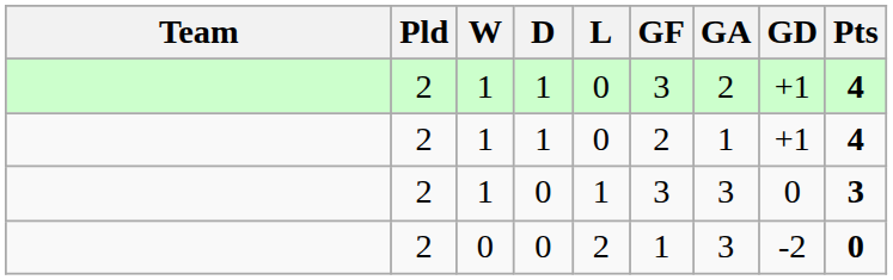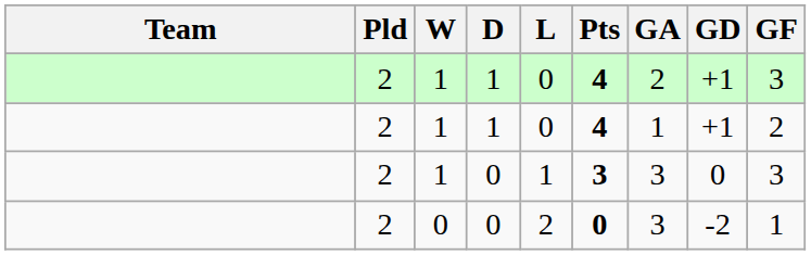 <table class="wikitable" style="text-align: center;">
 <tr>
 <th width=175>Team</th>
 <th width=20 abbr="Played">Pld</th>
 <th width=20 abbr="Won">W</th>
 <th width=20 abbr="Drawn">D</th>
 <th width=20 abbr="Lost">L</th>
-<th width=20 abbr="Goals for">GF</th>
+<th width=20 abbr="Points">Pts</th>
 <th width=20 abbr="Goals against">GA</th>
 <th width=20 abbr="Goal difference">GD</th>
-<th width=20 abbr="Points">Pts</th>
+<th width=20 abbr="Goals for">GF</th>
 </tr>
 <tr bgcolor="#ccffcc">
 <td align=left></td>
 <td>2</td>
 <td>1</td>
 <td>1</td>
 <td>0</td>
-<td>3</td>
+<td><strong>4</strong></td>
 <td>2</td>
 <td>+1</td>
-<td><strong>4</strong></td>
+<td>3</td>
 </tr>
 <tr>
 <td align=left></td>
 <td>2</td>
 <td>1</td>
 <td>1</td>
 <td>0</td>
-<td>2</td>
+<td><strong>4</strong></td>
 <td>1</td>
 <td>+1</td>
-<td><strong>4</strong></td>
+<td>2</td>
 </tr>
 <tr>
 <td align=left></td>
 <td>2</td>
 <td>1</td>
 <td>0</td>
 <td>1</td>
-<td>3</td>
+<td><strong>3</strong></td>
 <td>3</td>
 <td>0</td>
-<td><strong>3</strong></td>
+<td>3</td>
 </tr>
 <tr>
 <td align=left></td>
 <td>2</td>
 <td>0</td>
 <td>0</td>
 <td>2</td>
-<td>1</td>
+<td><strong>0</strong></td>
 <td>3</td>
 <td>-2</td>
-<td><strong>0</strong></td>
+<td>1</td>
 </tr>
 </table>
